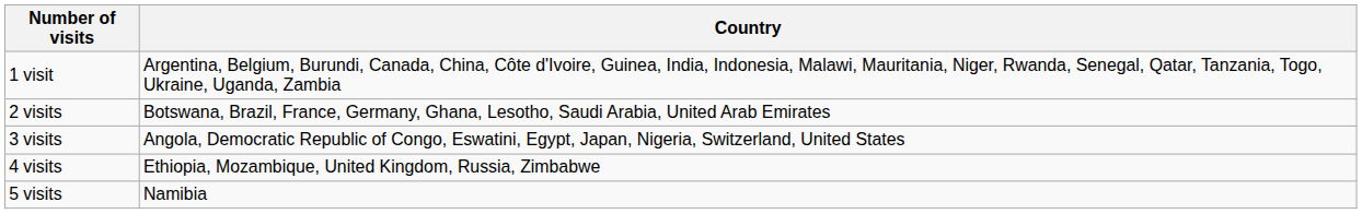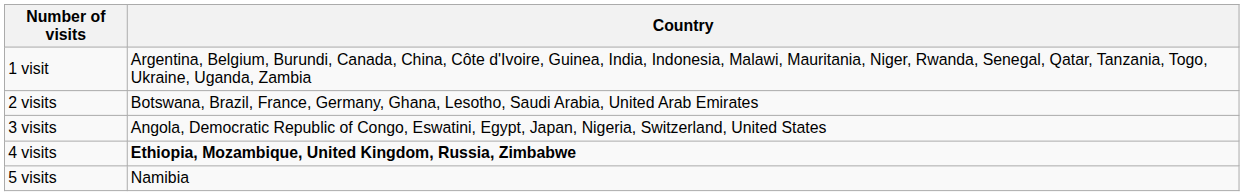 <table class=wikitable>
 <tr>
 <th>Number of visits</th>
 <th>Country</th>
 </tr>
 <tr>
 <td>1 visit</td>
 <td>Argentina, Belgium, Burundi, Canada, China, Côte d'Ivoire, Guinea, India, Indonesia, Malawi, Mauritania, Niger, Rwanda, Senegal, Qatar, Tanzania, Togo, Ukraine, Uganda, Zambia</td>
 </tr>
 <tr>
 <td>2 visits</td>
 <td>Botswana, Brazil, France, Germany, Ghana, Lesotho, Saudi Arabia, United Arab Emirates</td>
 </tr>
 <tr>
 <td>3 visits</td>
 <td>Angola, Democratic Republic of Congo, Eswatini, Egypt, Japan, Nigeria, Switzerland, United States</td>
 </tr>
 <tr>
 <td>4 visits</td>
-<td>Ethiopia, Mozambique, United Kingdom, Russia, Zimbabwe</td>
+<td><strong>Ethiopia, Mozambique, United Kingdom, Russia, Zimbabwe</strong></td>
 </tr>
 <tr>
 <td>5 visits</td>
 <td>Namibia</td>
 </tr>
 </table>
